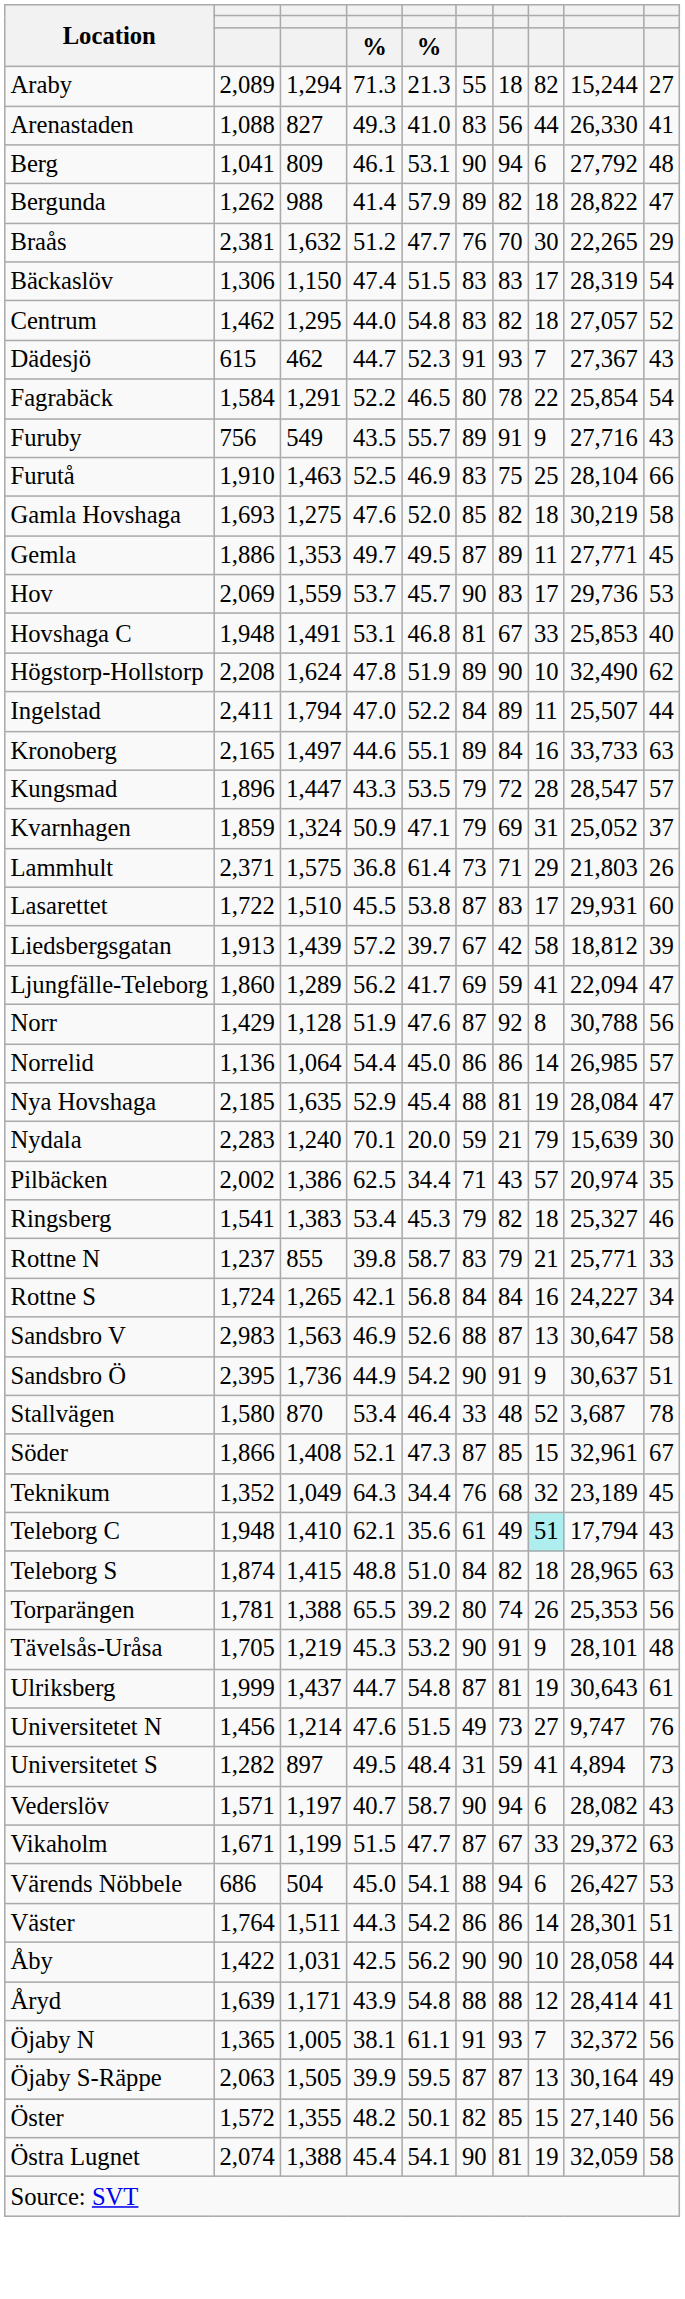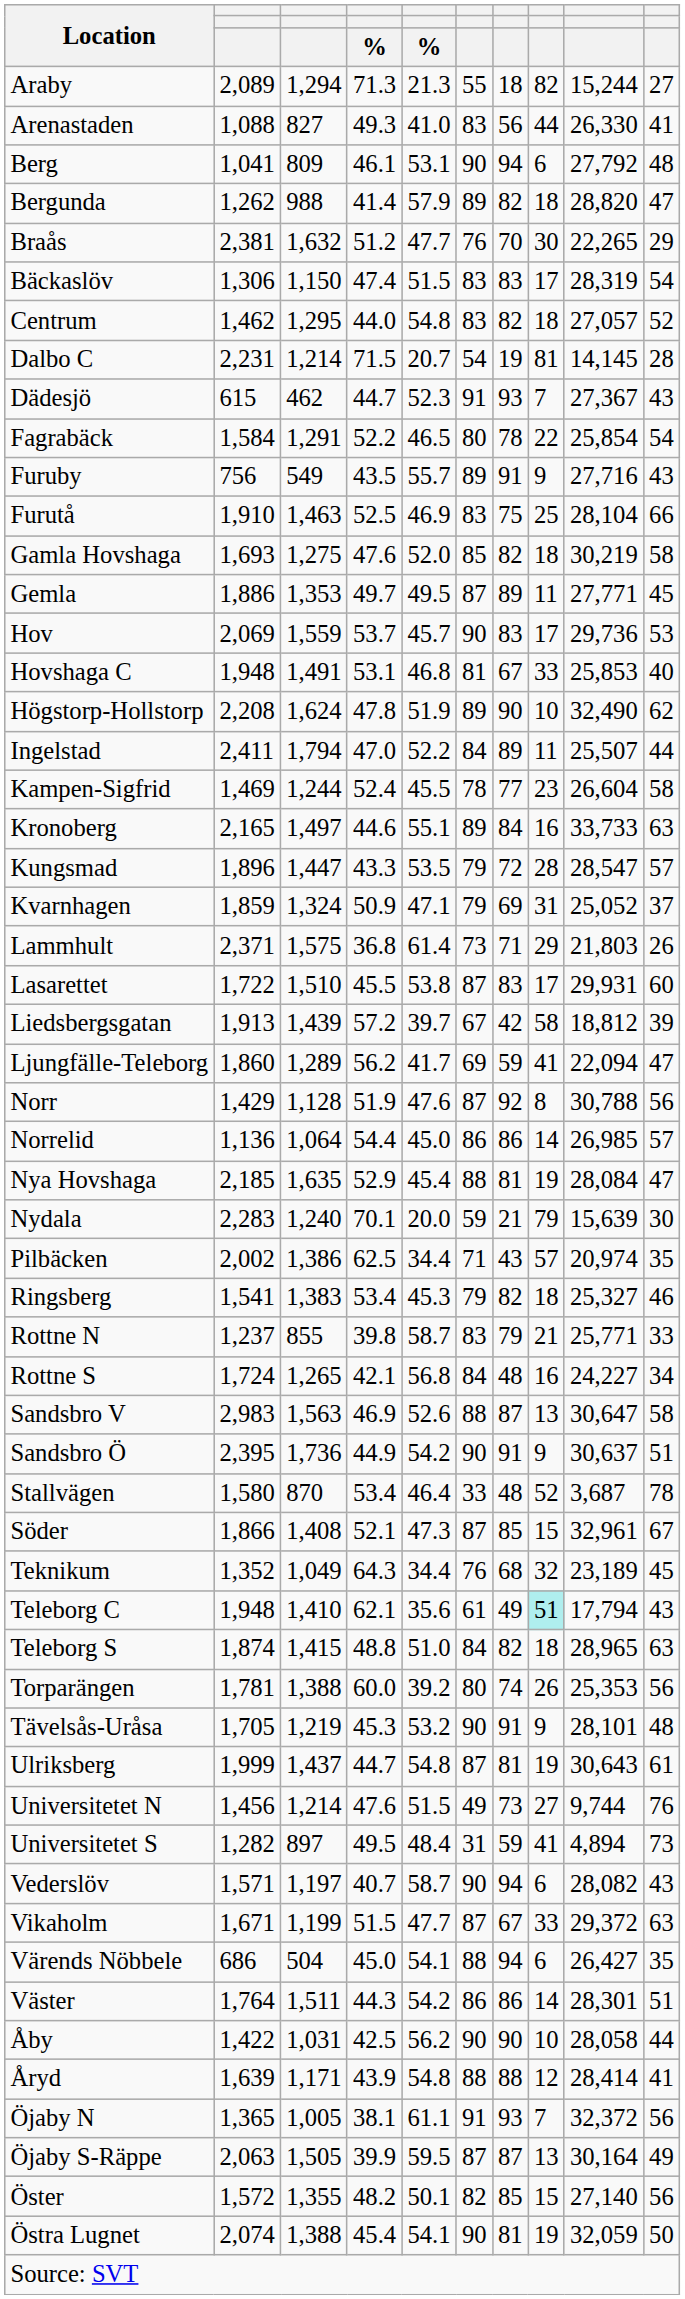 <table role="presentation" class="wikitable sortable mw-collapsible mw-collapsed">
 <tr>
 <th rowspan="3">Location</th>
 <th></th>
 <th></th>
 <th></th>
 <th></th>
 <th></th>
 <th></th>
 <th></th>
 <th></th>
 <th></th>
 </tr>
 <tr>
 <th></th>
 <th></th>
 <th style="background:"></th>
 <th style="background:"></th>
 <th></th>
 <th></th>
 <th></th>
 <th></th>
 <th></th>
 </tr>
 <tr>
 <th data-sort-type="number"></th>
 <th data-sort-type="number"></th>
 <th data-sort-type="number">%</th>
 <th data-sort-type="number">%</th>
 <th data-sort-type="number"></th>
 <th data-sort-type="number"></th>
 <th data-sort-type="number"></th>
 <th data-sort-type="number"></th>
 <th data-sort-type="number"></th>
 </tr>
 <tr>
 <td align="left">Araby</td>
 <td>2,089</td>
 <td>1,294</td>
 <td>71.3</td>
 <td>21.3</td>
 <td>55</td>
 <td>18</td>
 <td>82</td>
 <td>15,244</td>
 <td>27</td>
 </tr>
 <tr>
 <td align="left">Arenastaden</td>
 <td>1,088</td>
 <td>827</td>
 <td>49.3</td>
 <td>41.0</td>
 <td>83</td>
 <td>56</td>
 <td>44</td>
 <td>26,330</td>
 <td>41</td>
 </tr>
 <tr>
 <td align="left">Berg</td>
 <td>1,041</td>
 <td>809</td>
 <td>46.1</td>
 <td>53.1</td>
 <td>90</td>
 <td>94</td>
 <td>6</td>
 <td>27,792</td>
 <td>48</td>
 </tr>
 <tr>
 <td align="left">Bergunda</td>
 <td>1,262</td>
 <td>988</td>
 <td>41.4</td>
 <td>57.9</td>
 <td>89</td>
 <td>82</td>
 <td>18</td>
-<td>28,822</td>
+<td>28,820</td>
 <td>47</td>
 </tr>
 <tr>
 <td align="left">Braås</td>
 <td>2,381</td>
 <td>1,632</td>
 <td>51.2</td>
 <td>47.7</td>
 <td>76</td>
 <td>70</td>
 <td>30</td>
 <td>22,265</td>
 <td>29</td>
 </tr>
 <tr>
 <td align="left">Bäckaslöv</td>
 <td>1,306</td>
 <td>1,150</td>
 <td>47.4</td>
 <td>51.5</td>
 <td>83</td>
 <td>83</td>
 <td>17</td>
 <td>28,319</td>
 <td>54</td>
 </tr>
 <tr>
 <td align="left">Centrum</td>
 <td>1,462</td>
 <td>1,295</td>
 <td>44.0</td>
 <td>54.8</td>
 <td>83</td>
 <td>82</td>
 <td>18</td>
 <td>27,057</td>
 <td>52</td>
+</tr>
+<tr>
+<td align="left">Dalbo C</td>
+<td>2,231</td>
+<td>1,214</td>
+<td>71.5</td>
+<td>20.7</td>
+<td>54</td>
+<td>19</td>
+<td>81</td>
+<td>14,145</td>
+<td>28</td>
 </tr>
 <tr>
 <td align="left">Dädesjö</td>
 <td>615</td>
 <td>462</td>
 <td>44.7</td>
 <td>52.3</td>
 <td>91</td>
 <td>93</td>
 <td>7</td>
 <td>27,367</td>
 <td>43</td>
 </tr>
 <tr>
 <td align="left">Fagrabäck</td>
 <td>1,584</td>
 <td>1,291</td>
 <td>52.2</td>
 <td>46.5</td>
 <td>80</td>
 <td>78</td>
 <td>22</td>
 <td>25,854</td>
 <td>54</td>
 </tr>
 <tr>
 <td align="left">Furuby</td>
 <td>756</td>
 <td>549</td>
 <td>43.5</td>
 <td>55.7</td>
 <td>89</td>
 <td>91</td>
 <td>9</td>
 <td>27,716</td>
 <td>43</td>
 </tr>
 <tr>
 <td align="left">Furutå</td>
 <td>1,910</td>
 <td>1,463</td>
 <td>52.5</td>
 <td>46.9</td>
 <td>83</td>
 <td>75</td>
 <td>25</td>
 <td>28,104</td>
 <td>66</td>
 </tr>
 <tr>
 <td align="left">Gamla Hovshaga</td>
 <td>1,693</td>
 <td>1,275</td>
 <td>47.6</td>
 <td>52.0</td>
 <td>85</td>
 <td>82</td>
 <td>18</td>
 <td>30,219</td>
 <td>58</td>
 </tr>
 <tr>
 <td align="left">Gemla</td>
 <td>1,886</td>
 <td>1,353</td>
 <td>49.7</td>
 <td>49.5</td>
 <td>87</td>
 <td>89</td>
 <td>11</td>
 <td>27,771</td>
 <td>45</td>
 </tr>
 <tr>
 <td align="left">Hov</td>
 <td>2,069</td>
 <td>1,559</td>
 <td>53.7</td>
 <td>45.7</td>
 <td>90</td>
 <td>83</td>
 <td>17</td>
 <td>29,736</td>
 <td>53</td>
 </tr>
 <tr>
 <td align="left">Hovshaga C</td>
 <td>1,948</td>
 <td>1,491</td>
 <td>53.1</td>
 <td>46.8</td>
 <td>81</td>
 <td>67</td>
 <td>33</td>
 <td>25,853</td>
 <td>40</td>
 </tr>
 <tr>
 <td align="left">Högstorp-Hollstorp</td>
 <td>2,208</td>
 <td>1,624</td>
 <td>47.8</td>
 <td>51.9</td>
 <td>89</td>
 <td>90</td>
 <td>10</td>
 <td>32,490</td>
 <td>62</td>
 </tr>
 <tr>
 <td align="left">Ingelstad</td>
 <td>2,411</td>
 <td>1,794</td>
 <td>47.0</td>
 <td>52.2</td>
 <td>84</td>
 <td>89</td>
 <td>11</td>
 <td>25,507</td>
 <td>44</td>
+</tr>
+<tr>
+<td align="left">Kampen-Sigfrid</td>
+<td>1,469</td>
+<td>1,244</td>
+<td>52.4</td>
+<td>45.5</td>
+<td>78</td>
+<td>77</td>
+<td>23</td>
+<td>26,604</td>
+<td>58</td>
 </tr>
 <tr>
 <td align="left">Kronoberg</td>
 <td>2,165</td>
 <td>1,497</td>
 <td>44.6</td>
 <td>55.1</td>
 <td>89</td>
 <td>84</td>
 <td>16</td>
 <td>33,733</td>
 <td>63</td>
 </tr>
 <tr>
 <td align="left">Kungsmad</td>
 <td>1,896</td>
 <td>1,447</td>
 <td>43.3</td>
 <td>53.5</td>
 <td>79</td>
 <td>72</td>
 <td>28</td>
 <td>28,547</td>
 <td>57</td>
 </tr>
 <tr>
 <td align="left">Kvarnhagen</td>
 <td>1,859</td>
 <td>1,324</td>
 <td>50.9</td>
 <td>47.1</td>
 <td>79</td>
 <td>69</td>
 <td>31</td>
 <td>25,052</td>
 <td>37</td>
 </tr>
 <tr>
 <td align="left">Lammhult</td>
 <td>2,371</td>
 <td>1,575</td>
 <td>36.8</td>
 <td>61.4</td>
 <td>73</td>
 <td>71</td>
 <td>29</td>
 <td>21,803</td>
 <td>26</td>
 </tr>
 <tr>
 <td align="left">Lasarettet</td>
 <td>1,722</td>
 <td>1,510</td>
 <td>45.5</td>
 <td>53.8</td>
 <td>87</td>
 <td>83</td>
 <td>17</td>
 <td>29,931</td>
 <td>60</td>
 </tr>
 <tr>
 <td align="left">Liedsbergsgatan</td>
 <td>1,913</td>
 <td>1,439</td>
 <td>57.2</td>
 <td>39.7</td>
 <td>67</td>
 <td>42</td>
 <td>58</td>
 <td>18,812</td>
 <td>39</td>
 </tr>
 <tr>
 <td align="left">Ljungfälle-Teleborg</td>
 <td>1,860</td>
 <td>1,289</td>
 <td>56.2</td>
 <td>41.7</td>
 <td>69</td>
 <td>59</td>
 <td>41</td>
 <td>22,094</td>
 <td>47</td>
 </tr>
 <tr>
 <td align="left">Norr</td>
 <td>1,429</td>
 <td>1,128</td>
 <td>51.9</td>
 <td>47.6</td>
 <td>87</td>
 <td>92</td>
 <td>8</td>
 <td>30,788</td>
 <td>56</td>
 </tr>
 <tr>
 <td align="left">Norrelid</td>
 <td>1,136</td>
 <td>1,064</td>
 <td>54.4</td>
 <td>45.0</td>
 <td>86</td>
 <td>86</td>
 <td>14</td>
 <td>26,985</td>
 <td>57</td>
 </tr>
 <tr>
 <td align="left">Nya Hovshaga</td>
 <td>2,185</td>
 <td>1,635</td>
 <td>52.9</td>
 <td>45.4</td>
 <td>88</td>
 <td>81</td>
 <td>19</td>
 <td>28,084</td>
 <td>47</td>
 </tr>
 <tr>
 <td align="left">Nydala</td>
 <td>2,283</td>
 <td>1,240</td>
 <td>70.1</td>
 <td>20.0</td>
 <td>59</td>
 <td>21</td>
 <td>79</td>
 <td>15,639</td>
 <td>30</td>
 </tr>
 <tr>
 <td align="left">Pilbäcken</td>
 <td>2,002</td>
 <td>1,386</td>
 <td>62.5</td>
 <td>34.4</td>
 <td>71</td>
 <td>43</td>
 <td>57</td>
 <td>20,974</td>
 <td>35</td>
 </tr>
 <tr>
 <td align="left">Ringsberg</td>
 <td>1,541</td>
 <td>1,383</td>
 <td>53.4</td>
 <td>45.3</td>
 <td>79</td>
 <td>82</td>
 <td>18</td>
 <td>25,327</td>
 <td>46</td>
 </tr>
 <tr>
 <td align="left">Rottne N</td>
 <td>1,237</td>
 <td>855</td>
 <td>39.8</td>
 <td>58.7</td>
 <td>83</td>
 <td>79</td>
 <td>21</td>
 <td>25,771</td>
 <td>33</td>
 </tr>
 <tr>
 <td align="left">Rottne S</td>
 <td>1,724</td>
 <td>1,265</td>
 <td>42.1</td>
 <td>56.8</td>
 <td>84</td>
-<td>84</td>
+<td>48</td>
 <td>16</td>
 <td>24,227</td>
 <td>34</td>
 </tr>
 <tr>
 <td align="left">Sandsbro V</td>
 <td>2,983</td>
 <td>1,563</td>
 <td>46.9</td>
 <td>52.6</td>
 <td>88</td>
 <td>87</td>
 <td>13</td>
 <td>30,647</td>
 <td>58</td>
 </tr>
 <tr>
 <td align="left">Sandsbro Ö</td>
 <td>2,395</td>
 <td>1,736</td>
 <td>44.9</td>
 <td>54.2</td>
 <td>90</td>
 <td>91</td>
 <td>9</td>
 <td>30,637</td>
 <td>51</td>
 </tr>
 <tr>
 <td align="left">Stallvägen</td>
 <td>1,580</td>
 <td>870</td>
 <td>53.4</td>
 <td>46.4</td>
 <td>33</td>
 <td>48</td>
 <td>52</td>
 <td>3,687</td>
 <td>78</td>
 </tr>
 <tr>
 <td align="left">Söder</td>
 <td>1,866</td>
 <td>1,408</td>
 <td>52.1</td>
 <td>47.3</td>
 <td>87</td>
 <td>85</td>
 <td>15</td>
 <td>32,961</td>
 <td>67</td>
 </tr>
 <tr>
 <td align="left">Teknikum</td>
 <td>1,352</td>
 <td>1,049</td>
 <td>64.3</td>
 <td>34.4</td>
 <td>76</td>
 <td>68</td>
 <td>32</td>
 <td>23,189</td>
 <td>45</td>
 </tr>
 <tr>
 <td align="left">Teleborg C</td>
 <td>1,948</td>
 <td>1,410</td>
 <td>62.1</td>
 <td>35.6</td>
 <td>61</td>
 <td>49</td>
 <td style="background: paleturquoise;">51</td>
 <td>17,794</td>
 <td>43</td>
 </tr>
 <tr>
 <td align="left">Teleborg S</td>
 <td>1,874</td>
 <td>1,415</td>
 <td>48.8</td>
 <td>51.0</td>
 <td>84</td>
 <td>82</td>
 <td>18</td>
 <td>28,965</td>
 <td>63</td>
 </tr>
 <tr>
 <td align="left">Torparängen</td>
 <td>1,781</td>
 <td>1,388</td>
-<td>65.5</td>
+<td>60.0</td>
 <td>39.2</td>
 <td>80</td>
 <td>74</td>
 <td>26</td>
 <td>25,353</td>
 <td>56</td>
 </tr>
 <tr>
 <td align="left">Tävelsås-Uråsa</td>
 <td>1,705</td>
 <td>1,219</td>
 <td>45.3</td>
 <td>53.2</td>
 <td>90</td>
 <td>91</td>
 <td>9</td>
 <td>28,101</td>
 <td>48</td>
 </tr>
 <tr>
 <td align="left">Ulriksberg</td>
 <td>1,999</td>
 <td>1,437</td>
 <td>44.7</td>
 <td>54.8</td>
 <td>87</td>
 <td>81</td>
 <td>19</td>
 <td>30,643</td>
 <td>61</td>
 </tr>
 <tr>
 <td align="left">Universitetet N</td>
 <td>1,456</td>
 <td>1,214</td>
 <td>47.6</td>
 <td>51.5</td>
 <td>49</td>
 <td>73</td>
 <td>27</td>
-<td>9,747</td>
+<td>9,744</td>
 <td>76</td>
 </tr>
 <tr>
 <td align="left">Universitetet S</td>
 <td>1,282</td>
 <td>897</td>
 <td>49.5</td>
 <td>48.4</td>
 <td>31</td>
 <td>59</td>
 <td>41</td>
 <td>4,894</td>
 <td>73</td>
 </tr>
 <tr>
 <td align="left">Vederslöv</td>
 <td>1,571</td>
 <td>1,197</td>
 <td>40.7</td>
 <td>58.7</td>
 <td>90</td>
 <td>94</td>
 <td>6</td>
 <td>28,082</td>
 <td>43</td>
 </tr>
 <tr>
 <td align="left">Vikaholm</td>
 <td>1,671</td>
 <td>1,199</td>
 <td>51.5</td>
 <td>47.7</td>
 <td>87</td>
 <td>67</td>
 <td>33</td>
 <td>29,372</td>
 <td>63</td>
 </tr>
 <tr>
 <td align="left">Värends Nöbbele</td>
 <td>686</td>
 <td>504</td>
 <td>45.0</td>
 <td>54.1</td>
 <td>88</td>
 <td>94</td>
 <td>6</td>
 <td>26,427</td>
-<td>53</td>
+<td>35</td>
 </tr>
 <tr>
 <td align="left">Väster</td>
 <td>1,764</td>
 <td>1,511</td>
 <td>44.3</td>
 <td>54.2</td>
 <td>86</td>
 <td>86</td>
 <td>14</td>
 <td>28,301</td>
 <td>51</td>
 </tr>
 <tr>
 <td align="left">Åby</td>
 <td>1,422</td>
 <td>1,031</td>
 <td>42.5</td>
 <td>56.2</td>
 <td>90</td>
 <td>90</td>
 <td>10</td>
 <td>28,058</td>
 <td>44</td>
 </tr>
 <tr>
 <td align="left">Åryd</td>
 <td>1,639</td>
 <td>1,171</td>
 <td>43.9</td>
 <td>54.8</td>
 <td>88</td>
 <td>88</td>
 <td>12</td>
 <td>28,414</td>
 <td>41</td>
 </tr>
 <tr>
 <td align="left">Öjaby N</td>
 <td>1,365</td>
 <td>1,005</td>
 <td>38.1</td>
 <td>61.1</td>
 <td>91</td>
 <td>93</td>
 <td>7</td>
 <td>32,372</td>
 <td>56</td>
 </tr>
 <tr>
 <td align="left">Öjaby S-Räppe</td>
 <td>2,063</td>
 <td>1,505</td>
 <td>39.9</td>
 <td>59.5</td>
 <td>87</td>
 <td>87</td>
 <td>13</td>
 <td>30,164</td>
 <td>49</td>
 </tr>
 <tr>
 <td align="left">Öster</td>
 <td>1,572</td>
 <td>1,355</td>
 <td>48.2</td>
 <td>50.1</td>
 <td>82</td>
 <td>85</td>
 <td>15</td>
 <td>27,140</td>
 <td>56</td>
 </tr>
 <tr>
 <td align="left">Östra Lugnet</td>
 <td>2,074</td>
 <td>1,388</td>
 <td>45.4</td>
 <td>54.1</td>
 <td>90</td>
 <td>81</td>
 <td>19</td>
 <td>32,059</td>
-<td>58</td>
+<td>50</td>
 </tr>
 <tr>
 <td colspan="10" align="left">Source: <a href='#'>SVT</a></td>
 </tr>
 </table>
